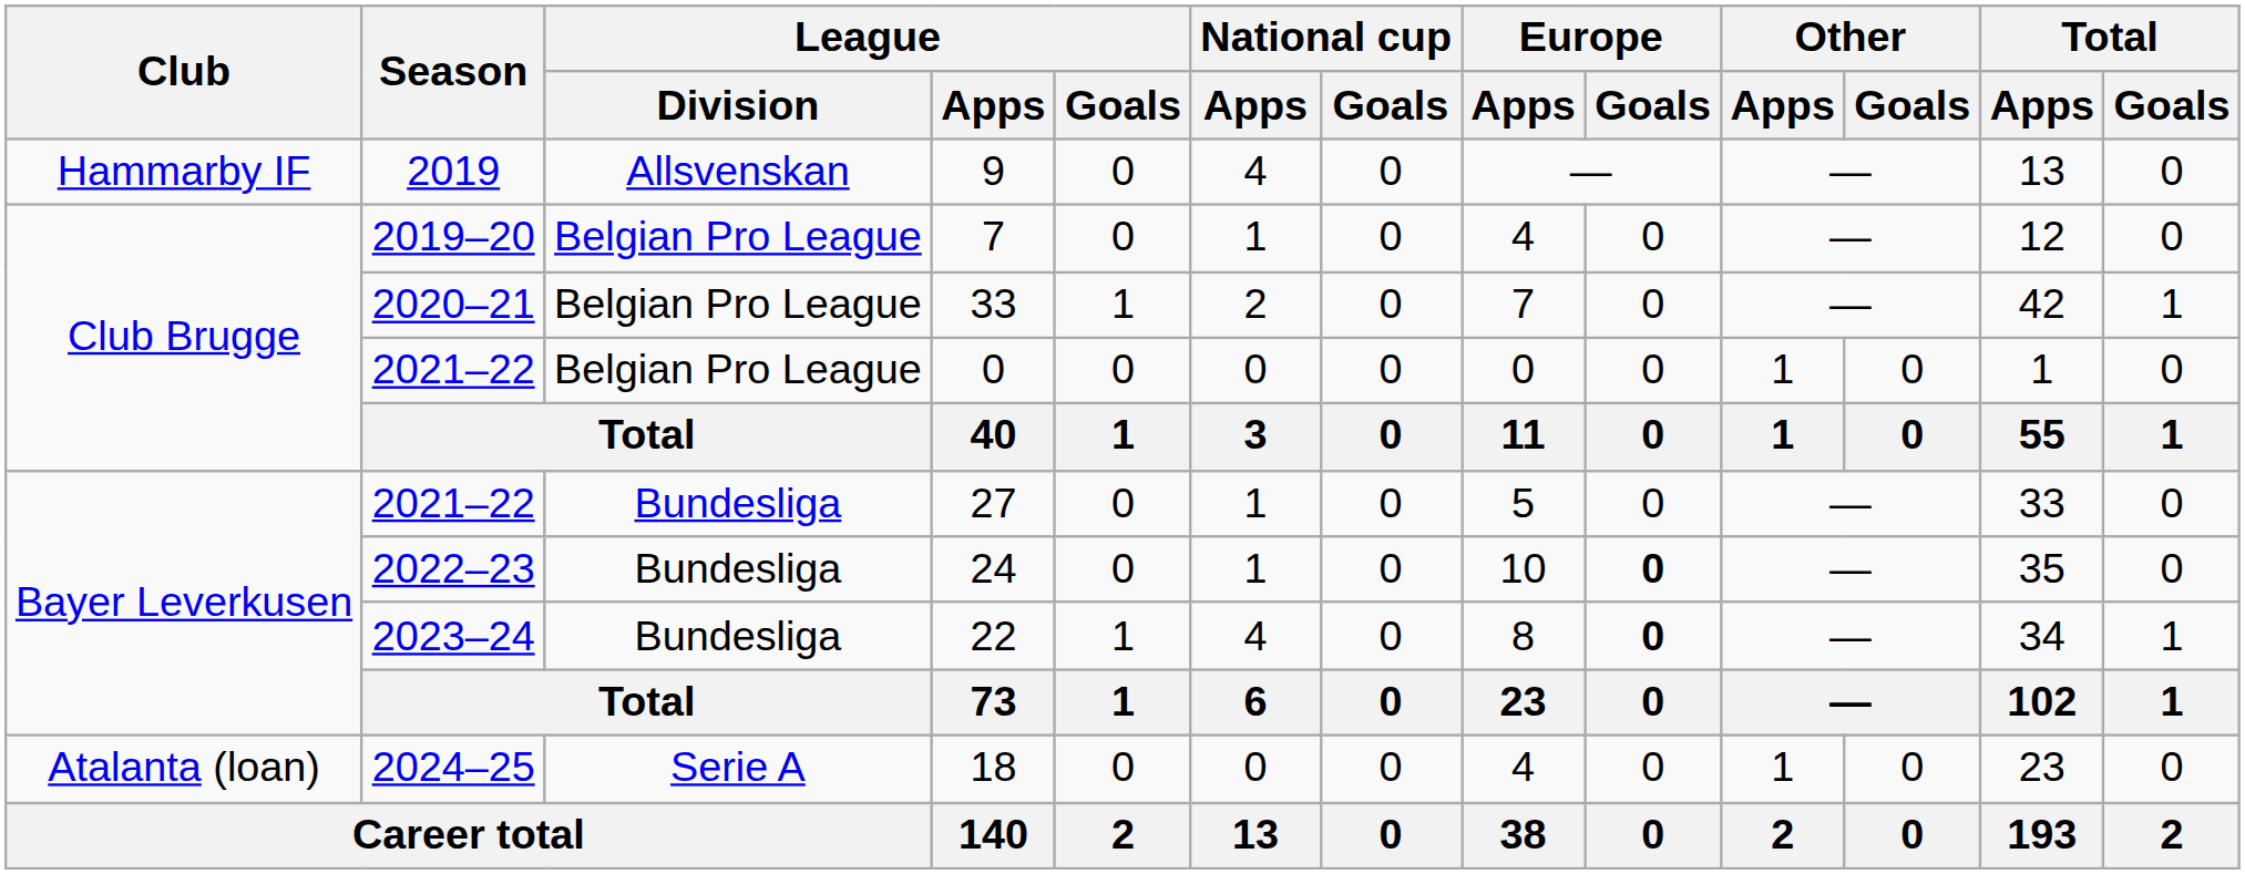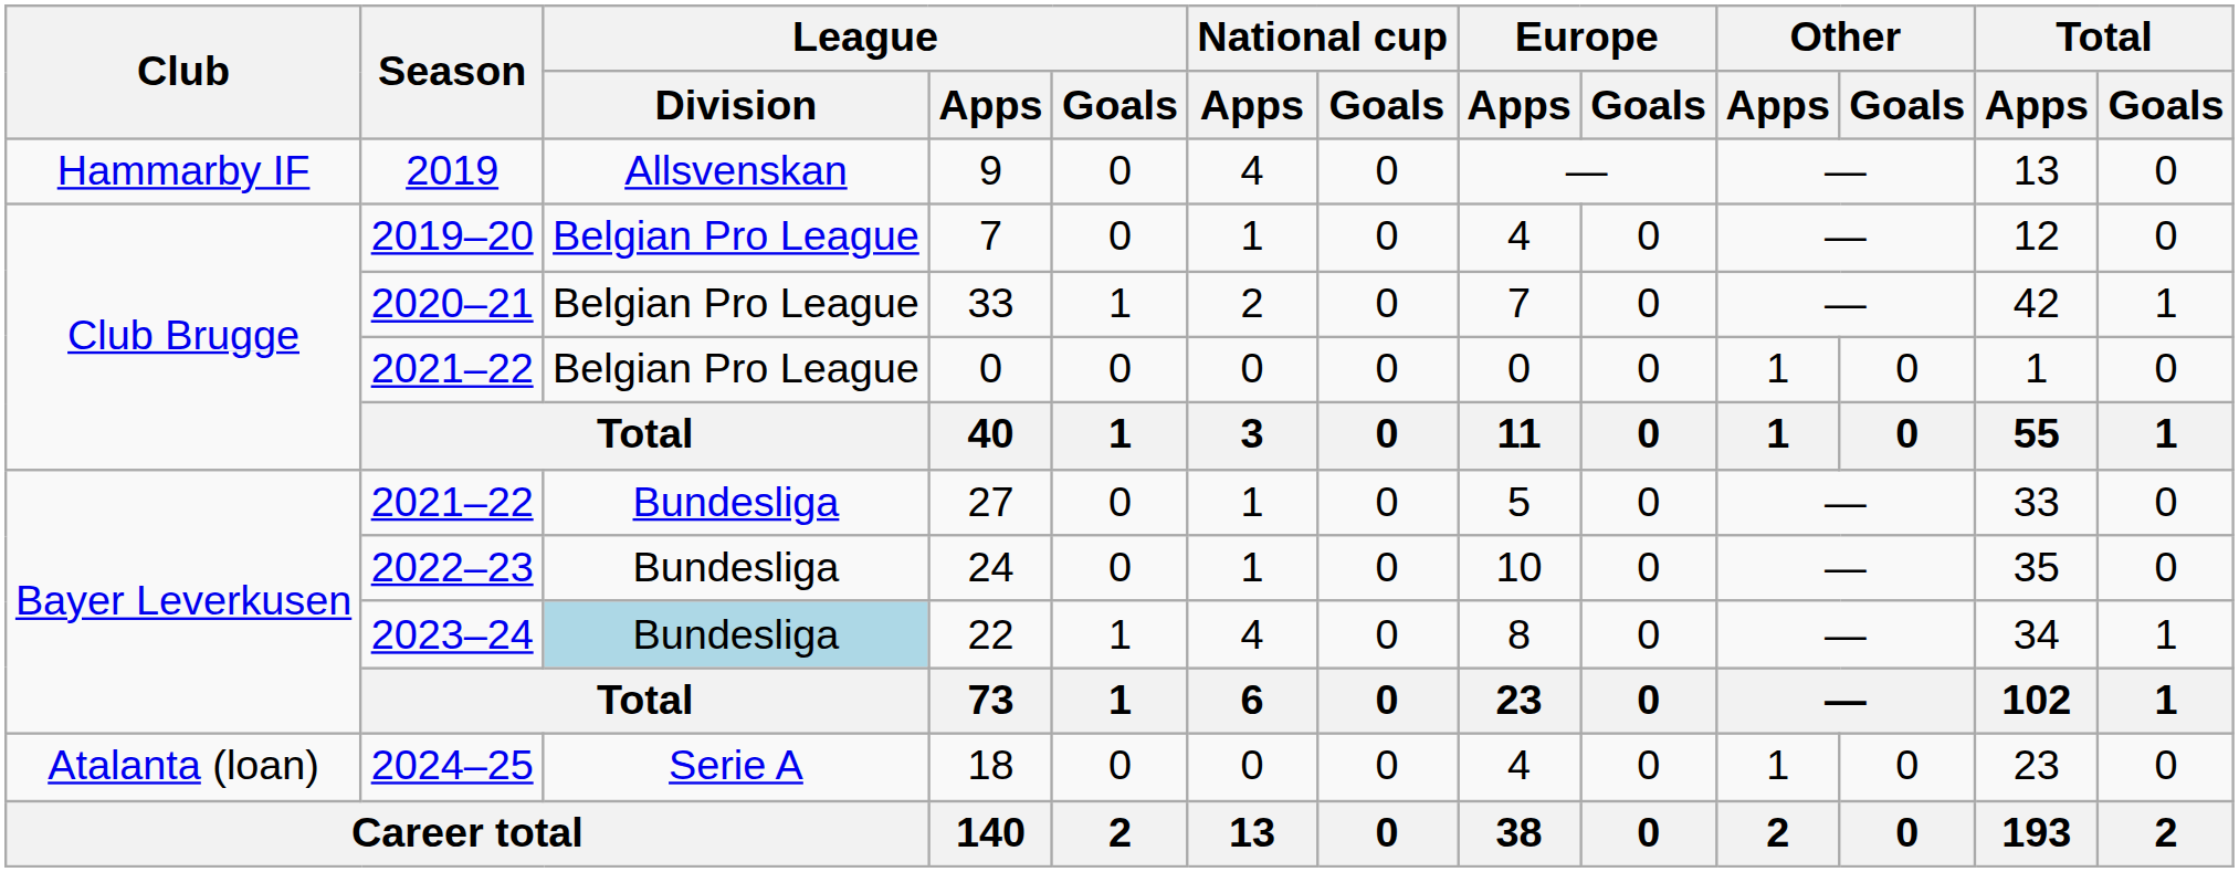 <table class="wikitable" style="text-align:center">
 <tr>
 <th rowspan="2">Club</th>
 <th rowspan="2">Season</th>
 <th colspan="3">League</th>
 <th colspan="2">National cup</th>
 <th colspan="2">Europe</th>
 <th colspan="2">Other</th>
 <th colspan="2">Total</th>
 </tr>
 <tr>
 <th>Division</th>
 <th>Apps</th>
 <th>Goals</th>
 <th>Apps</th>
 <th>Goals</th>
 <th>Apps</th>
 <th>Goals</th>
 <th>Apps</th>
 <th>Goals</th>
 <th>Apps</th>
 <th>Goals</th>
 </tr>
 <tr>
 <td><a href='#'>Hammarby IF</a></td>
 <td><a href='#'>2019</a></td>
 <td><a href='#'>Allsvenskan</a></td>
 <td>9</td>
 <td>0</td>
 <td>4</td>
 <td>0</td>
 <td colspan="2">—</td>
 <td colspan="2">—</td>
 <td>13</td>
 <td>0</td>
 </tr>
 <tr>
 <td rowspan="4"><a href='#'>Club Brugge</a></td>
 <td><a href='#'>2019–20</a></td>
 <td><a href='#'>Belgian Pro League</a></td>
 <td>7</td>
 <td>0</td>
 <td>1</td>
 <td>0</td>
 <td>4</td>
 <td>0</td>
 <td colspan="2">—</td>
 <td>12</td>
 <td>0</td>
 </tr>
 <tr>
 <td><a href='#'>2020–21</a></td>
 <td>Belgian Pro League</td>
 <td>33</td>
 <td>1</td>
 <td>2</td>
 <td>0</td>
 <td>7</td>
 <td>0</td>
 <td colspan="2">—</td>
 <td>42</td>
 <td>1</td>
 </tr>
 <tr>
 <td><a href='#'>2021–22</a></td>
 <td>Belgian Pro League</td>
 <td>0</td>
 <td>0</td>
 <td>0</td>
 <td>0</td>
 <td>0</td>
 <td>0</td>
 <td>1</td>
 <td>0</td>
 <td>1</td>
 <td>0</td>
 </tr>
 <tr>
 <th colspan="2">Total</th>
 <th>40</th>
 <th>1</th>
 <th>3</th>
 <th>0</th>
 <th>11</th>
 <th>0</th>
 <th>1</th>
 <th>0</th>
 <th>55</th>
 <th>1</th>
 </tr>
 <tr>
 <td rowspan="4"><a href='#'>Bayer Leverkusen</a></td>
 <td><a href='#'>2021–22</a></td>
 <td><a href='#'>Bundesliga</a></td>
 <td>27</td>
 <td>0</td>
 <td>1</td>
 <td>0</td>
 <td>5</td>
 <td>0</td>
 <td colspan="2">—</td>
 <td>33</td>
 <td>0</td>
 </tr>
 <tr>
 <td><a href='#'>2022–23</a></td>
 <td>Bundesliga</td>
 <td>24</td>
 <td>0</td>
 <td>1</td>
 <td>0</td>
 <td>10</td>
-<td><strong>0</strong></td>
+<td>0</td>
 <td colspan="2">—</td>
 <td>35</td>
 <td>0</td>
 </tr>
 <tr>
 <td><a href='#'>2023–24</a></td>
-<td>Bundesliga</td>
+<td style="background: lightblue;">Bundesliga</td>
 <td>22</td>
 <td>1</td>
 <td>4</td>
 <td>0</td>
 <td>8</td>
-<td><strong>0</strong></td>
+<td>0</td>
 <td colspan="2">—</td>
 <td>34</td>
 <td>1</td>
 </tr>
 <tr>
 <th colspan="2">Total</th>
 <th>73</th>
 <th>1</th>
 <th>6</th>
 <th>0</th>
 <th>23</th>
 <th>0</th>
 <th colspan="2">—</th>
 <th>102</th>
 <th>1</th>
 </tr>
 <tr>
 <td><a href='#'>Atalanta</a> (loan)</td>
 <td><a href='#'>2024–25</a></td>
 <td><a href='#'>Serie A</a></td>
 <td>18</td>
 <td>0</td>
 <td>0</td>
 <td>0</td>
 <td>4</td>
 <td>0</td>
 <td>1</td>
 <td>0</td>
 <td>23</td>
 <td>0</td>
 </tr>
 <tr>
 <th colspan="3">Career total</th>
 <th>140</th>
 <th>2</th>
 <th>13</th>
 <th>0</th>
 <th>38</th>
 <th>0</th>
 <th>2</th>
 <th>0</th>
 <th>193</th>
 <th>2</th>
 </tr>
 </table>
